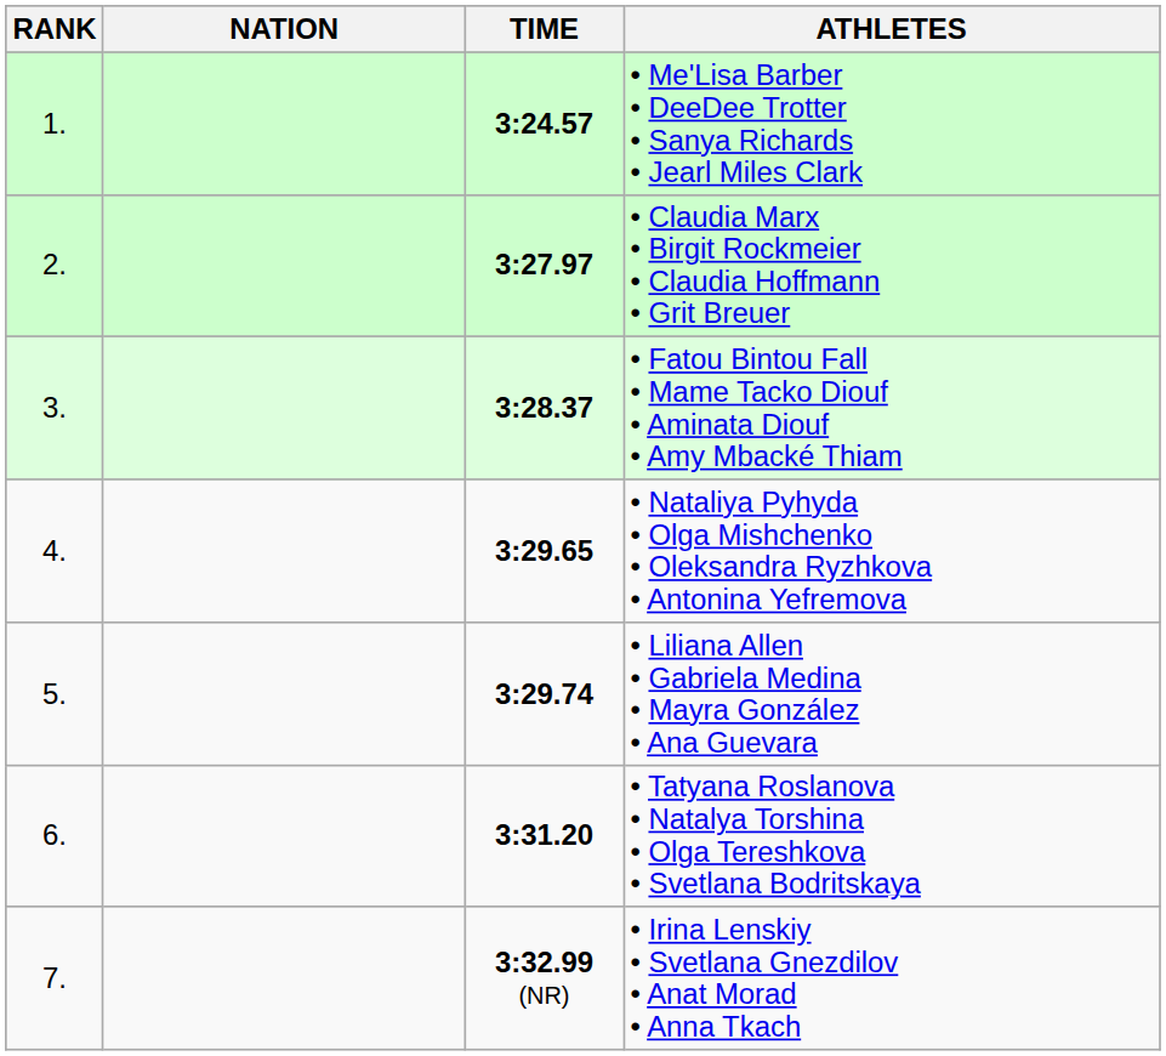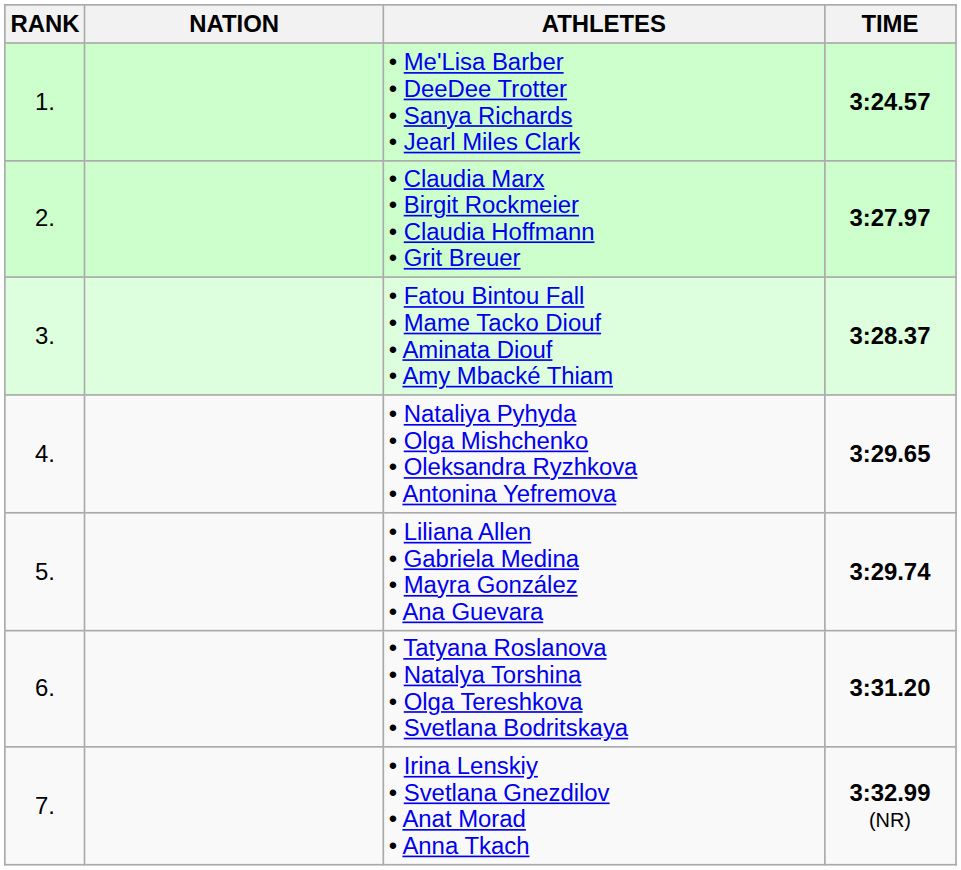 <table class="wikitable" style="border-collapse: collapse; font-size: 90%;">
 <tr>
 <th>RANK</th>
 <th style="width: 12em">NATION</th>
+<th style="width: 18em">ATHLETES</th>
 <th style="width: 5em">TIME</th>
-<th style="width: 18em">ATHLETES</th>
 </tr>
 <tr style="background:#ccffcc;">
 <td align="center">1.</td>
 <td align="center"></td>
+<td>• <a href='#'>Me'Lisa Barber</a><br>• <a href='#'>DeeDee Trotter</a><br>• <a href='#'>Sanya Richards</a><br>• <a href='#'>Jearl Miles Clark</a></td>
 <td align="center"><strong>3:24.57</strong></td>
-<td>• <a href='#'>Me'Lisa Barber</a><br>• <a href='#'>DeeDee Trotter</a><br>• <a href='#'>Sanya Richards</a><br>• <a href='#'>Jearl Miles Clark</a></td>
 </tr>
 <tr style="background:#ccffcc;">
 <td align="center">2.</td>
 <td align="center"></td>
+<td>• <a href='#'>Claudia Marx</a><br>• <a href='#'>Birgit Rockmeier</a><br>• <a href='#'>Claudia Hoffmann</a><br>• <a href='#'>Grit Breuer</a></td>
 <td align="center"><strong>3:27.97</strong></td>
-<td>• <a href='#'>Claudia Marx</a><br>• <a href='#'>Birgit Rockmeier</a><br>• <a href='#'>Claudia Hoffmann</a><br>• <a href='#'>Grit Breuer</a></td>
 </tr>
 <tr style="background:#ddffdd;">
 <td align="center">3.</td>
 <td align="center"></td>
+<td>• <a href='#'>Fatou Bintou Fall</a><br>• <a href='#'>Mame Tacko Diouf</a><br>• <a href='#'>Aminata Diouf</a><br>• <a href='#'>Amy Mbacké Thiam</a></td>
 <td align="center"><strong>3:28.37</strong></td>
-<td>• <a href='#'>Fatou Bintou Fall</a><br>• <a href='#'>Mame Tacko Diouf</a><br>• <a href='#'>Aminata Diouf</a><br>• <a href='#'>Amy Mbacké Thiam</a></td>
 </tr>
 <tr>
 <td align="center">4.</td>
 <td align="center"></td>
+<td>• <a href='#'>Nataliya Pyhyda</a><br>• <a href='#'>Olga Mishchenko</a><br>• <a href='#'>Oleksandra Ryzhkova</a><br>• <a href='#'>Antonina Yefremova</a></td>
 <td align="center"><strong>3:29.65</strong></td>
-<td>• <a href='#'>Nataliya Pyhyda</a><br>• <a href='#'>Olga Mishchenko</a><br>• <a href='#'>Oleksandra Ryzhkova</a><br>• <a href='#'>Antonina Yefremova</a></td>
 </tr>
 <tr>
 <td align="center">5.</td>
 <td align="center"></td>
+<td>• <a href='#'>Liliana Allen</a><br>• <a href='#'>Gabriela Medina</a><br>• <a href='#'>Mayra González</a><br>• <a href='#'>Ana Guevara</a></td>
 <td align="center"><strong>3:29.74</strong></td>
-<td>• <a href='#'>Liliana Allen</a><br>• <a href='#'>Gabriela Medina</a><br>• <a href='#'>Mayra González</a><br>• <a href='#'>Ana Guevara</a></td>
 </tr>
 <tr>
 <td align="center">6.</td>
 <td align="center"></td>
+<td>• <a href='#'>Tatyana Roslanova</a><br>• <a href='#'>Natalya Torshina</a><br>• <a href='#'>Olga Tereshkova</a><br>• <a href='#'>Svetlana Bodritskaya</a></td>
 <td align="center"><strong>3:31.20</strong></td>
-<td>• <a href='#'>Tatyana Roslanova</a><br>• <a href='#'>Natalya Torshina</a><br>• <a href='#'>Olga Tereshkova</a><br>• <a href='#'>Svetlana Bodritskaya</a></td>
 </tr>
 <tr>
 <td align="center">7.</td>
 <td align="center"></td>
+<td>• <a href='#'>Irina Lenskiy</a><br>• <a href='#'>Svetlana Gnezdilov</a><br>• <a href='#'>Anat Morad</a><br>• <a href='#'>Anna Tkach</a></td>
 <td align="center"><strong>3:32.99</strong> <small>(NR)</small></td>
-<td>• <a href='#'>Irina Lenskiy</a><br>• <a href='#'>Svetlana Gnezdilov</a><br>• <a href='#'>Anat Morad</a><br>• <a href='#'>Anna Tkach</a></td>
 </tr>
 </table>
